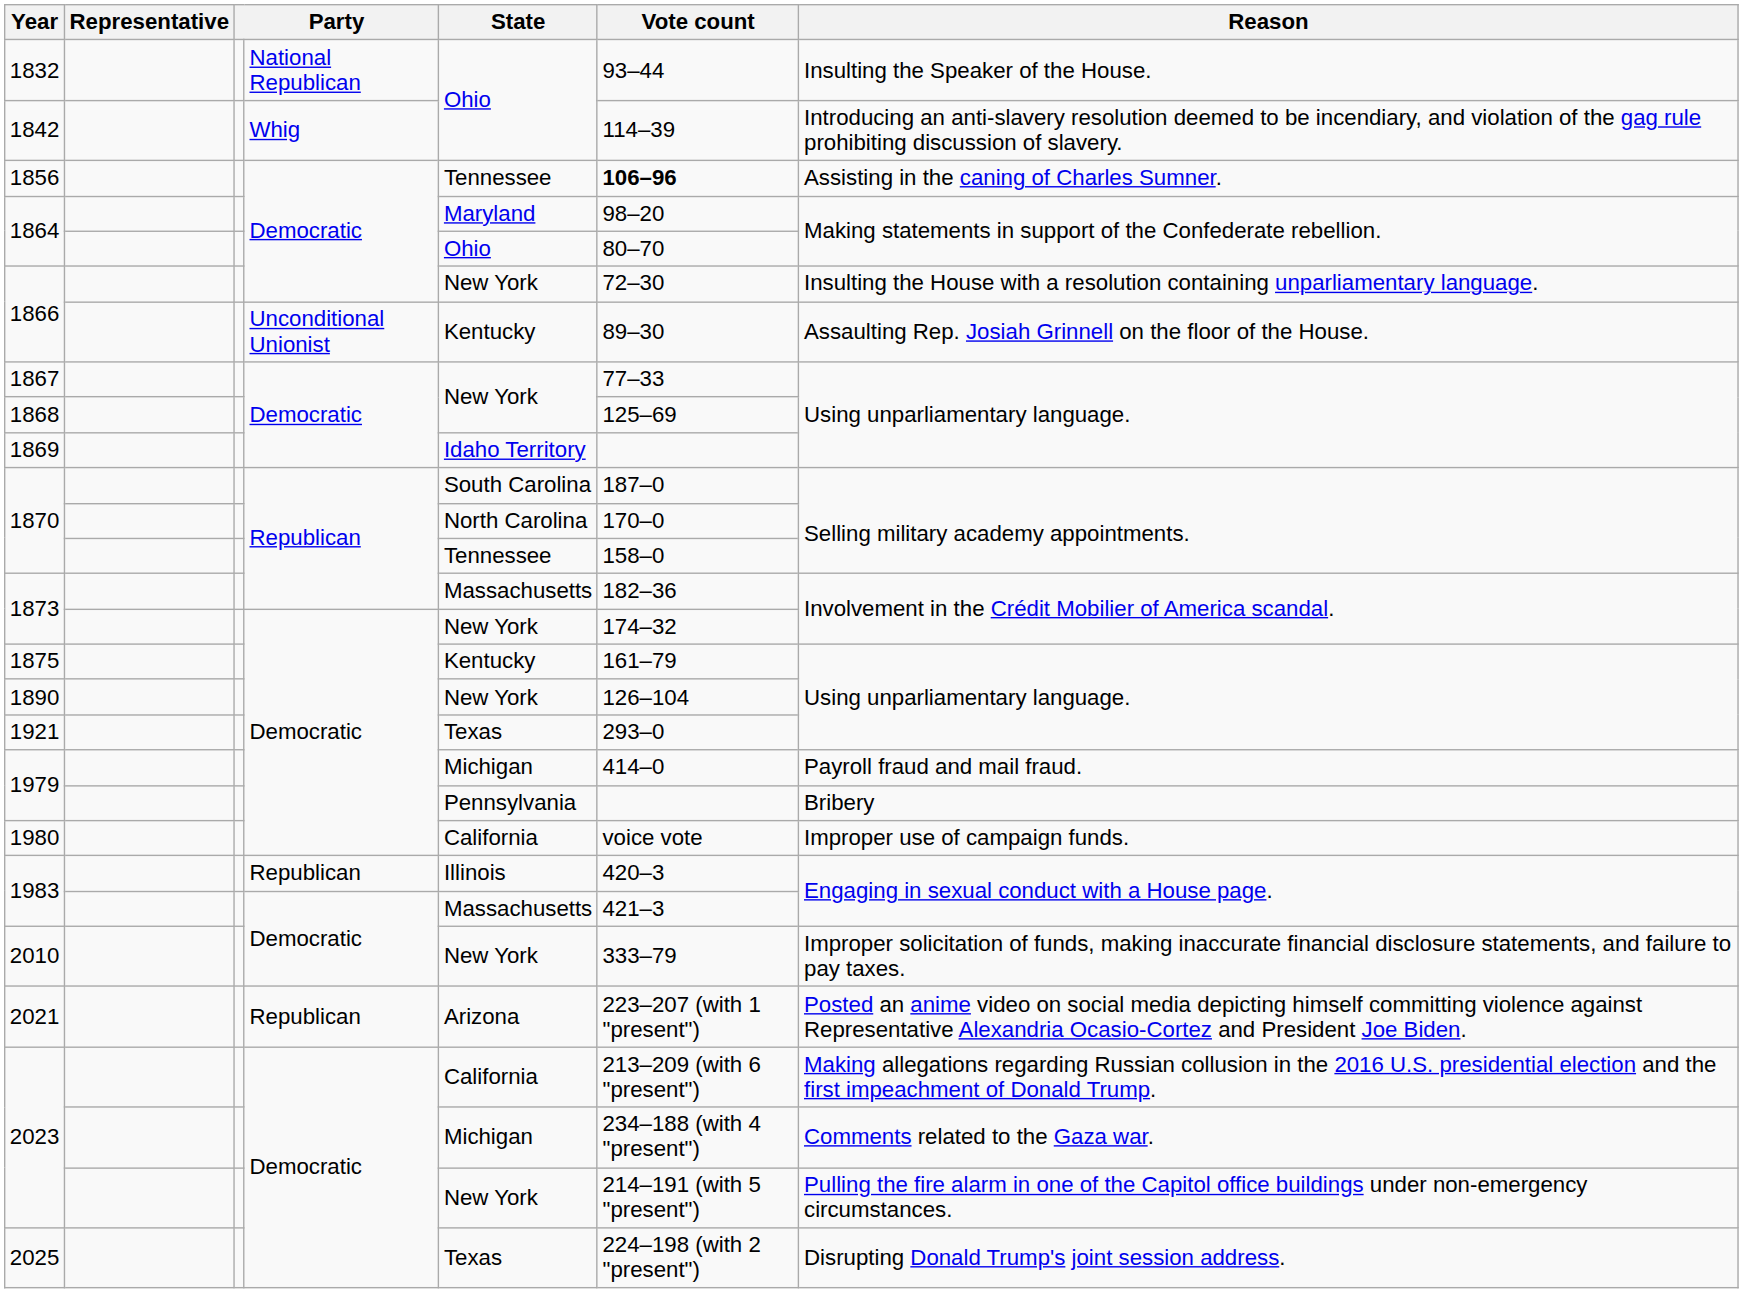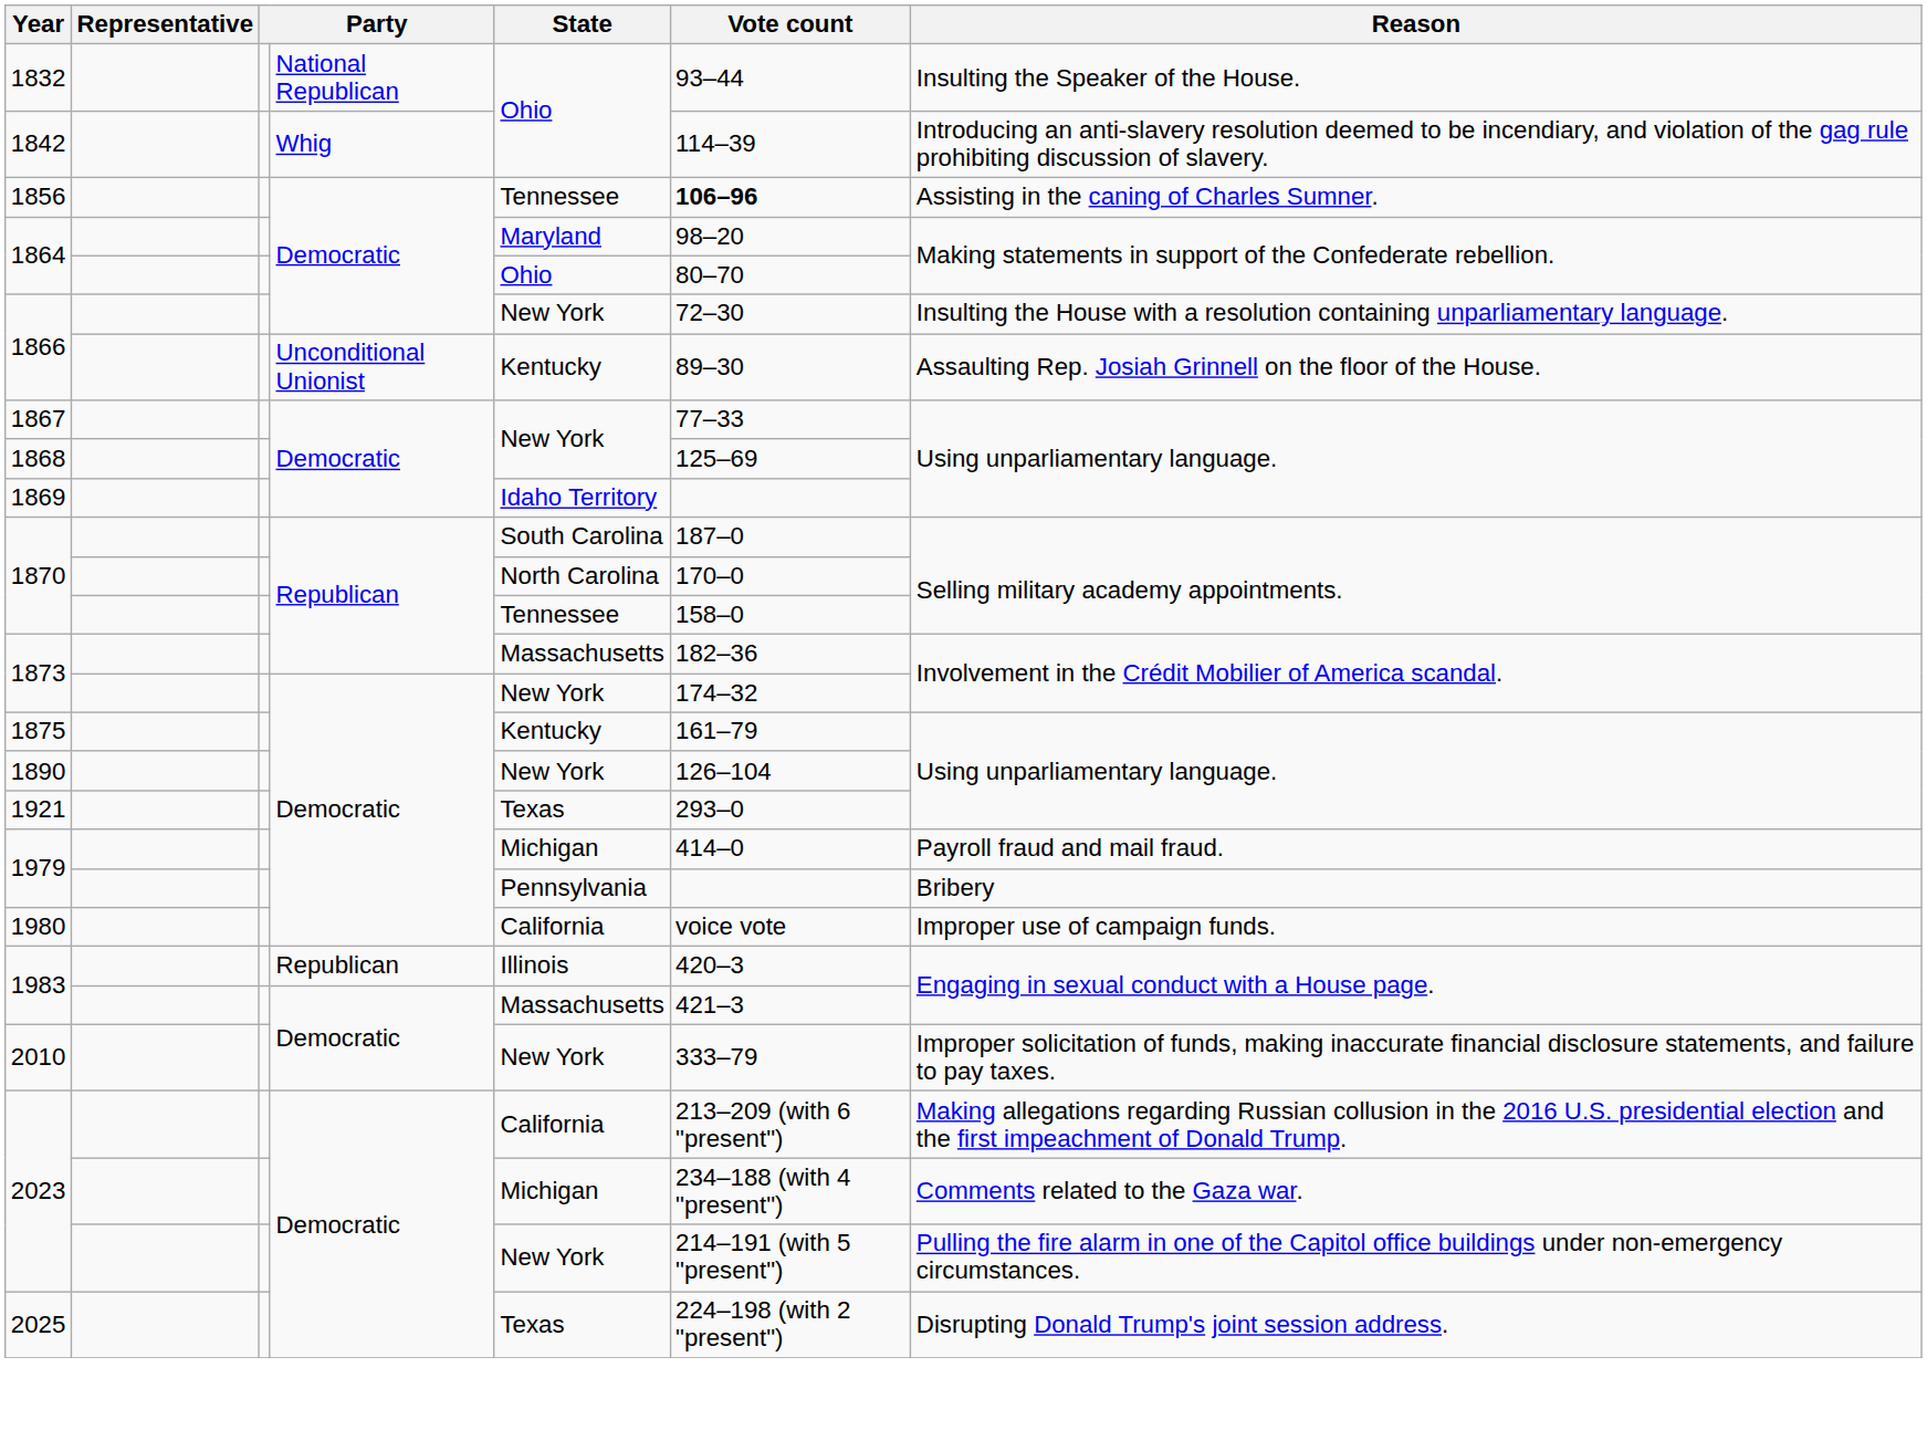 <table class="wikitable sortable">
 <tr>
 <th>Year</th>
 <th>Representative</th>
 <th colspan=2>Party</th>
 <th>State</th>
 <th>Vote count</th>
 <th class=unsortable>Reason</th>
 </tr>
 <tr>
 <td>1832</td>
 <td></td>
 <td style="background-color:"></td>
 <td><a href='#'>National Republican</a></td>
 <td rowspan="2"><a href='#'>Ohio</a></td>
 <td>93–44</td>
 <td>Insulting the Speaker of the House.</td>
 </tr>
 <tr>
 <td>1842</td>
 <td></td>
 <td style="background-color:"></td>
 <td><a href='#'>Whig</a></td>
 <td>114–39</td>
 <td>Introducing an anti-slavery resolution deemed to be incendiary, and violation of the <a href='#'>gag rule</a> prohibiting discussion of slavery.</td>
 </tr>
 <tr>
 <td>1856</td>
 <td></td>
 <td style="background-color:"></td>
 <td rowspan="4"><a href='#'>Democratic</a></td>
 <td>Tennessee</td>
 <td><strong>106–96</strong></td>
 <td>Assisting in the <a href='#'>caning of Charles Sumner</a>.</td>
 </tr>
 <tr>
 <td rowspan=2>1864</td>
 <td></td>
 <td style="background-color:"></td>
 <td><a href='#'>Maryland</a></td>
 <td>98–20</td>
 <td rowspan=2>Making statements in support of the Confederate rebellion.</td>
 </tr>
 <tr>
 <td></td>
 <td style="background-color:"></td>
 <td><a href='#'>Ohio</a></td>
 <td>80–70</td>
 </tr>
 <tr>
 <td rowspan="2">1866</td>
 <td></td>
 <td style="background-color:"></td>
 <td>New York</td>
 <td>72–30</td>
 <td>Insulting the House with a resolution containing <a href='#'>unparliamentary language</a>.</td>
 </tr>
 <tr>
 <td></td>
 <td style="background-color:"></td>
 <td><a href='#'>Unconditional Unionist</a></td>
 <td>Kentucky</td>
 <td>89–30</td>
 <td>Assaulting Rep. <a href='#'>Josiah Grinnell</a> on the floor of the House.</td>
 </tr>
 <tr>
 <td>1867</td>
 <td></td>
 <td style="background-color:"></td>
 <td rowspan="3"><a href='#'>Democratic</a></td>
 <td rowspan="2">New York</td>
 <td>77–33</td>
 <td rowspan="3">Using unparliamentary language.</td>
 </tr>
 <tr>
 <td>1868</td>
 <td></td>
 <td style="background-color:"></td>
 <td>125–69</td>
 </tr>
 <tr>
 <td>1869</td>
 <td></td>
 <td style="background-color:"></td>
 <td><a href='#'>Idaho Territory</a></td>
 <td></td>
 </tr>
 <tr>
 <td rowspan=3>1870</td>
 <td></td>
 <td style="background-color:"></td>
 <td rowspan="4"><a href='#'>Republican</a></td>
 <td>South Carolina</td>
 <td>187–0</td>
 <td rowspan=3><br>Selling military academy appointments.</td>
 </tr>
 <tr>
 <td></td>
 <td style="background-color:"></td>
 <td>North Carolina</td>
 <td>170–0</td>
 </tr>
 <tr>
 <td></td>
 <td style="background-color:"></td>
 <td>Tennessee</td>
 <td>158–0</td>
 </tr>
 <tr>
 <td rowspan=2>1873</td>
 <td></td>
 <td style="background-color:"></td>
 <td>Massachusetts</td>
 <td>182–36</td>
 <td rowspan=2>Involvement in the <a href='#'>Crédit Mobilier of America scandal</a>.</td>
 </tr>
 <tr>
 <td></td>
 <td style="background-color:"></td>
 <td rowspan="7">Democratic</td>
 <td>New York</td>
 <td>174–32</td>
 </tr>
 <tr>
 <td>1875</td>
 <td></td>
 <td style="background-color:"></td>
 <td>Kentucky</td>
 <td>161–79</td>
 <td rowspan="3">Using unparliamentary language.</td>
 </tr>
 <tr>
 <td>1890</td>
 <td></td>
 <td style="background-color:"></td>
 <td>New York</td>
 <td>126–104</td>
 </tr>
 <tr>
 <td>1921</td>
 <td></td>
 <td style="background-color:"></td>
 <td>Texas</td>
 <td>293–0</td>
 </tr>
 <tr>
 <td rowspan="2">1979</td>
 <td></td>
 <td style="background-color:"></td>
 <td>Michigan</td>
 <td>414–0</td>
 <td>Payroll fraud and mail fraud.</td>
 </tr>
 <tr>
 <td></td>
 <td style="background-color:"></td>
 <td>Pennsylvania</td>
 <td></td>
 <td>Bribery</td>
 </tr>
 <tr>
 <td>1980</td>
 <td></td>
 <td style="background-color:"></td>
 <td>California</td>
 <td>voice vote</td>
 <td>Improper use of campaign funds.</td>
 </tr>
 <tr>
 <td rowspan=2>1983</td>
 <td></td>
 <td style="background-color:"></td>
 <td>Republican</td>
 <td>Illinois</td>
 <td>420–3</td>
 <td rowspan=2><a href='#'>Engaging in sexual conduct with a House page</a>.</td>
 </tr>
 <tr>
 <td></td>
 <td style="background-color:"></td>
 <td rowspan="2">Democratic</td>
 <td>Massachusetts</td>
 <td>421–3</td>
 </tr>
 <tr>
 <td>2010</td>
 <td></td>
 <td style="background-color:"></td>
 <td>New York</td>
 <td>333–79</td>
 <td>Improper solicitation of funds, making inaccurate financial disclosure statements, and failure to pay taxes.</td>
 </tr>
 <tr>
-<td>2021</td>
-<td></td>
-<td style="background-color:"></td>
-<td>Republican</td>
-<td>Arizona</td>
-<td>223–207 (with 1 "present")</td>
-<td><a href='#'>Posted</a> an <a href='#'>anime</a> video on social media depicting himself committing violence against Representative <a href='#'>Alexandria Ocasio-Cortez</a> and President <a href='#'>Joe Biden</a>.</td>
-</tr>
-<tr>
 <td rowspan=3>2023</td>
 <td></td>
 <td style="background-color:"></td>
 <td rowspan="4">Democratic</td>
 <td>California</td>
 <td>213–209 (with 6 "present")</td>
 <td><a href='#'>Making</a> allegations regarding Russian collusion in the <a href='#'>2016 U.S. presidential election</a> and the <a href='#'>first impeachment of Donald Trump</a>.</td>
 </tr>
 <tr>
 <td></td>
 <td style="background-color:"></td>
 <td>Michigan</td>
 <td>234–188 (with 4 "present")</td>
 <td><a href='#'>Comments</a> related to the <a href='#'>Gaza war</a>.</td>
 </tr>
 <tr>
 <td></td>
 <td style="background-color:"></td>
 <td>New York</td>
 <td>214–191 (with 5 "present")</td>
 <td><a href='#'>Pulling the fire alarm in one of the Capitol office buildings</a> under non-emergency circumstances.</td>
 </tr>
 <tr>
 <td>2025</td>
 <td></td>
 <td style="background-color:"></td>
 <td>Texas</td>
 <td>224–198 (with 2 "present")</td>
 <td>Disrupting <a href='#'>Donald Trump's</a> <a href='#'>joint session address</a>.</td>
 </tr>
 </table>
